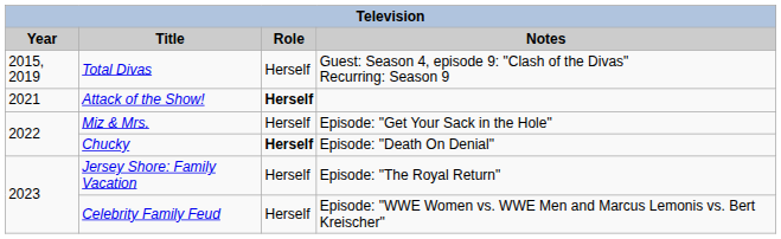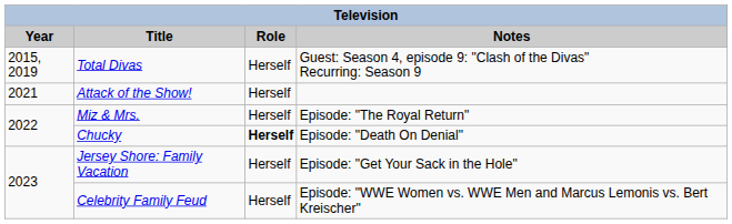 <table class="wikitable">
 <tr>
 <th colspan=4 style="background:#B0C4DE;">Television</th>
 </tr>
 <tr>
 <th style="background: #CCCCCC;">Year</th>
 <th style="background: #CCCCCC;">Title</th>
 <th style="background: #CCCCCC;">Role</th>
 <th style="background: #CCCCCC;">Notes</th>
 </tr>
 <tr>
 <td>2015, 2019</td>
 <td><em><a href='#'>Total Divas</a></em></td>
 <td>Herself</td>
 <td>Guest: Season 4, episode 9: "Clash of the Divas"<br>Recurring: Season 9</td>
 </tr>
 <tr>
 <td>2021</td>
 <td><em><a href='#'>Attack of the Show!</a></em></td>
-<td><strong>Herself</strong></td>
+<td>Herself</td>
 </tr>
 <tr>
 <td rowspan="2">2022</td>
 <td><em><a href='#'>Miz & Mrs.</a></em></td>
 <td>Herself</td>
-<td>Episode: "Get Your Sack in the Hole"</td>
+<td>Episode: "The Royal Return"</td>
 </tr>
 <tr>
 <td><em><a href='#'>Chucky</a></em></td>
 <td><strong>Herself</strong></td>
 <td>Episode: "Death On Denial"</td>
 </tr>
 <tr>
 <td rowspan="2">2023</td>
 <td><em><a href='#'>Jersey Shore: Family Vacation</a></em></td>
 <td>Herself</td>
-<td>Episode: "The Royal Return"</td>
+<td>Episode: "Get Your Sack in the Hole"</td>
 </tr>
 <tr>
 <td><em><a href='#'>Celebrity Family Feud</a></em></td>
 <td>Herself</td>
 <td>Episode:	"WWE Women vs. WWE Men and Marcus Lemonis vs. Bert Kreischer"</td>
 </tr>
 </table>
